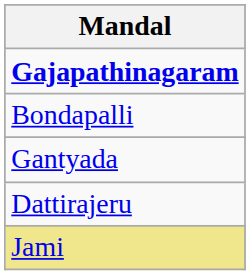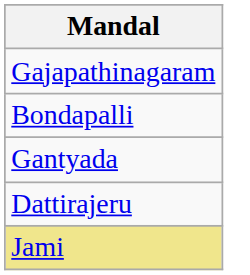 <table class="wikitable sortable static-row-numbers static-row-header-hash">
 <tr>
 <th>Mandal</th>
 </tr>
 <tr>
-<td><strong><a href='#'>Gajapathinagaram</a></strong></td>
+<td><a href='#'>Gajapathinagaram</a></td>
 </tr>
 <tr>
 <td><a href='#'>Bondapalli</a></td>
 </tr>
 <tr>
 <td><a href='#'>Gantyada</a></td>
 </tr>
 <tr>
 <td><a href='#'>Dattirajeru</a></td>
 </tr>
 <tr>
 <td style="background: khaki;"><a href='#'>Jami</a></td>
 </tr>
 </table>
